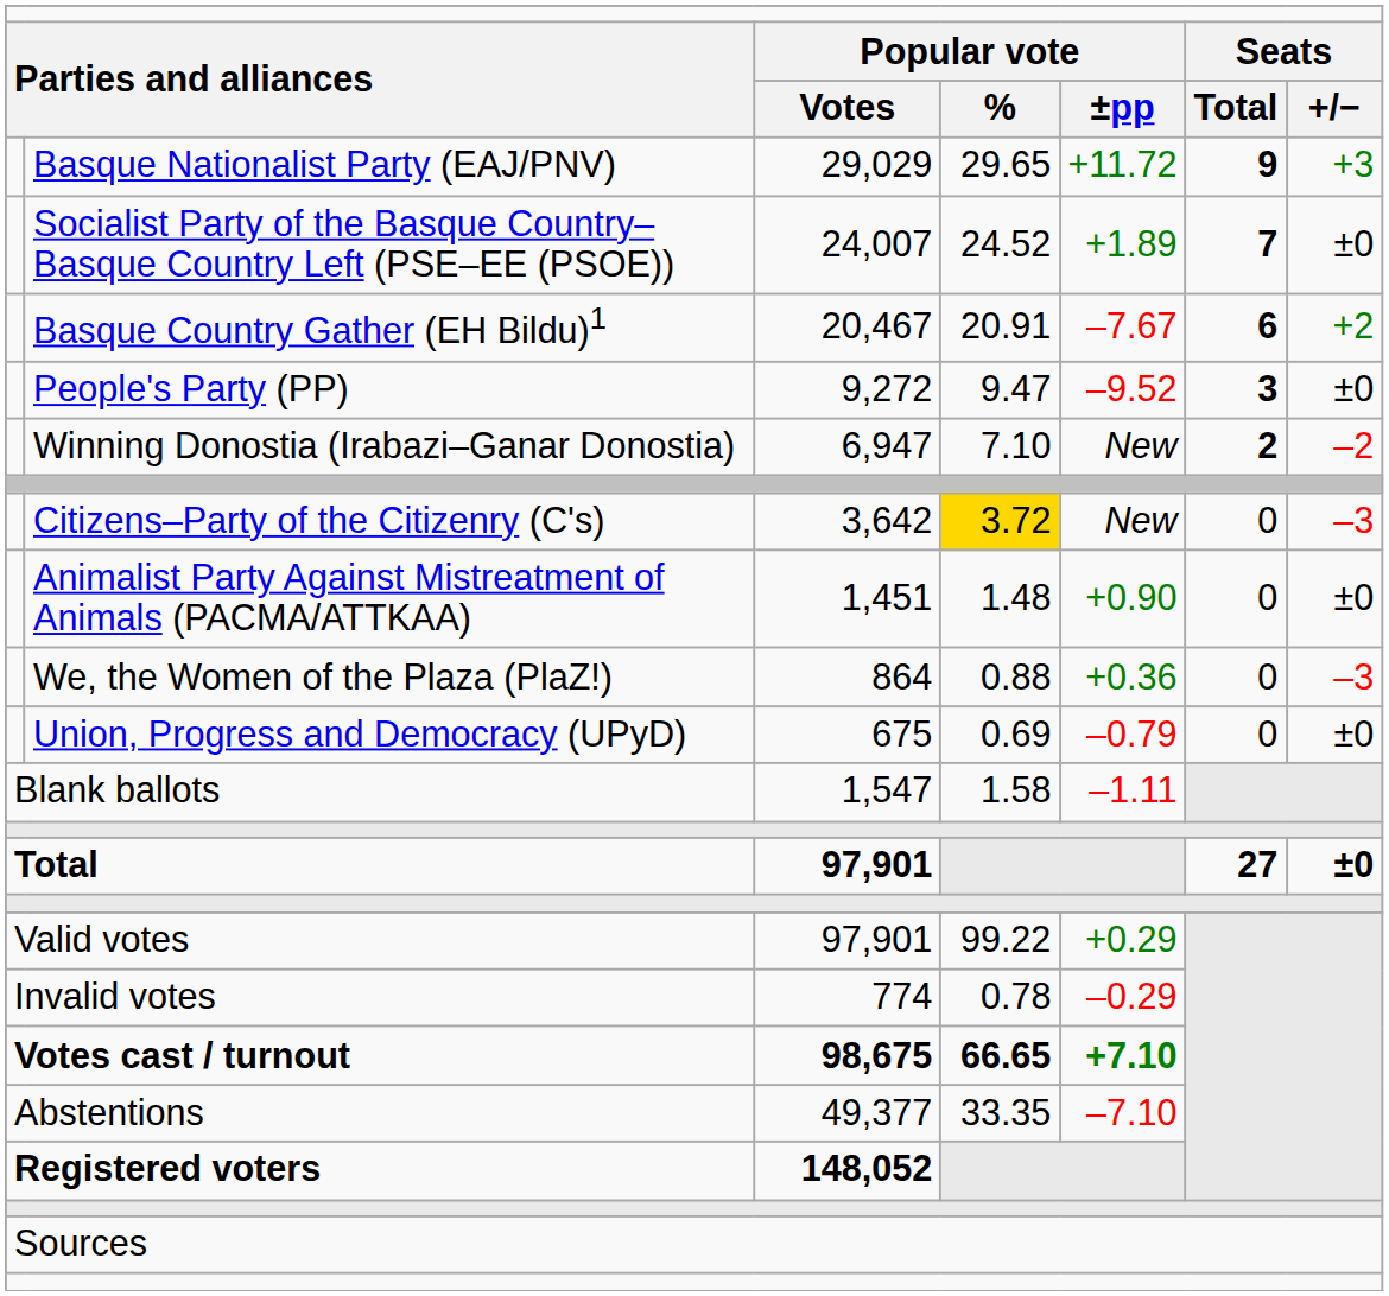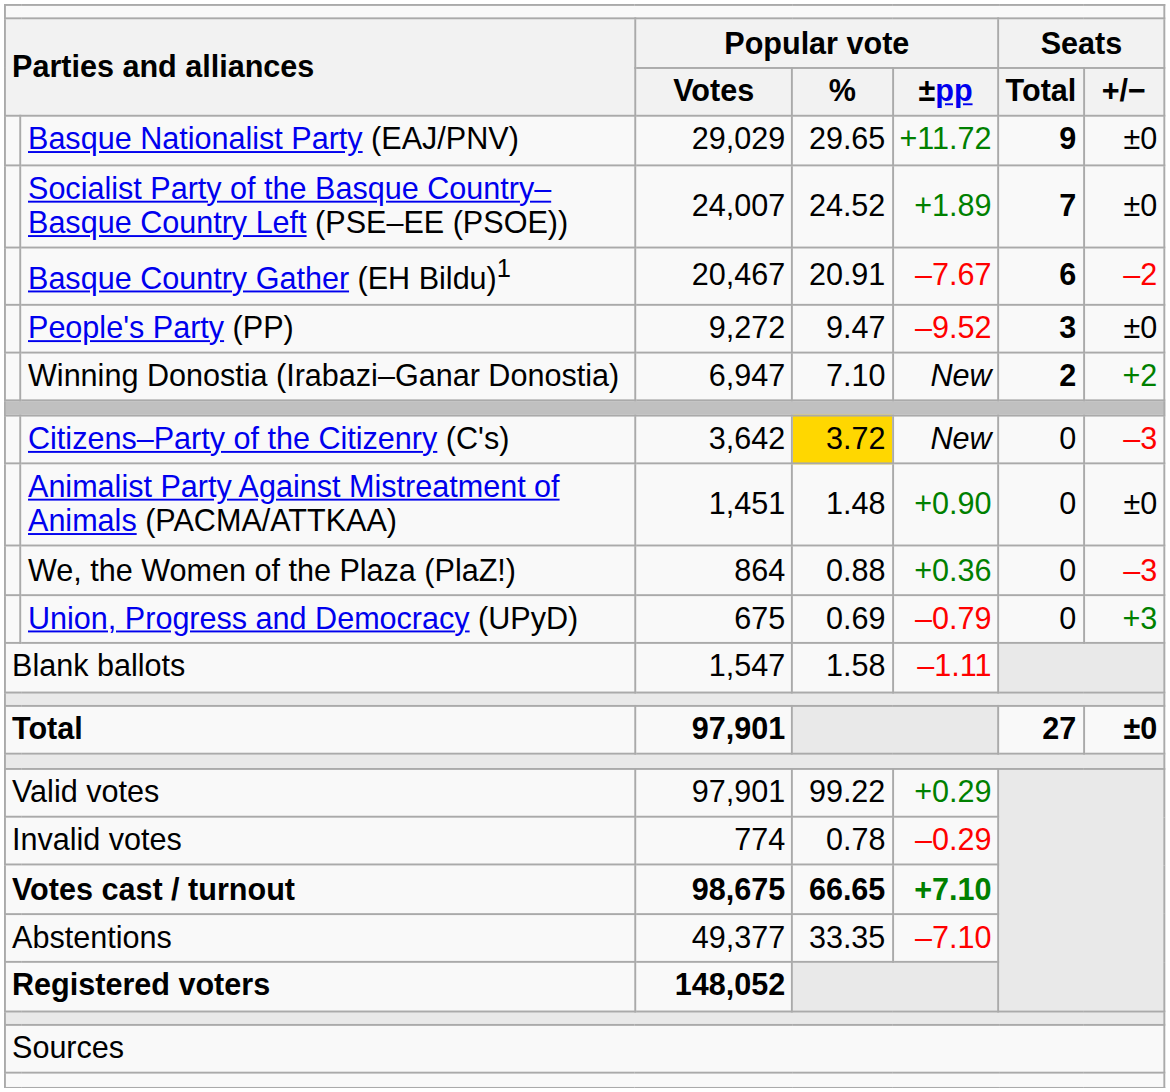 <table class="wikitable" style="text-align:right;">
 <tr>
 <td colspan="7"></td>
 </tr>
 <tr>
 <th style="text-align:left;" rowspan="2" colspan="2" width="525">Parties and alliances</th>
 <th colspan="3">Popular vote</th>
 <th colspan="2">Seats</th>
 </tr>
 <tr>
 <th width="75">Votes</th>
 <th width="45">%</th>
 <th width="45">±<a href='#'>pp</a></th>
 <th width="35">Total</th>
 <th width="35">+/−</th>
 </tr>
 <tr>
 <td width="1" style="color:inherit;background:"></td>
 <td align="left"><a href='#'>Basque Nationalist Party</a> (EAJ/PNV)</td>
 <td>29,029</td>
 <td>29.65</td>
 <td style="color:green;">+11.72</td>
 <td><strong>9</strong></td>
-<td style="color:green;">+3</td>
+<td>±0</td>
 </tr>
 <tr>
 <td style="color:inherit;background:"></td>
 <td align="left"><a href='#'>Socialist Party of the Basque Country–Basque Country Left</a> (PSE–EE (PSOE))</td>
 <td>24,007</td>
 <td>24.52</td>
 <td style="color:green;">+1.89</td>
 <td><strong>7</strong></td>
 <td>±0</td>
 </tr>
 <tr>
 <td style="color:inherit;background:"></td>
 <td align="left"><a href='#'>Basque Country Gather</a> (EH Bildu)<sup>1</sup></td>
 <td>20,467</td>
 <td>20.91</td>
 <td style="color:red;">–7.67</td>
 <td><strong>6</strong></td>
-<td style="color:green;">+2</td>
+<td style="color:red;">–2</td>
 </tr>
 <tr>
 <td style="color:inherit;background:"></td>
 <td align="left"><a href='#'>People's Party</a> (PP)</td>
 <td>9,272</td>
 <td>9.47</td>
 <td style="color:red;">–9.52</td>
 <td><strong>3</strong></td>
 <td>±0</td>
 </tr>
 <tr>
 <td style="color:inherit;background:"></td>
 <td align="left">Winning Donostia (Irabazi–Ganar Donostia)</td>
 <td>6,947</td>
 <td>7.10</td>
 <td><em>New</em></td>
 <td><strong>2</strong></td>
-<td style="color:red;">–2</td>
+<td style="color:green;">+2</td>
 </tr>
 <tr>
 <td colspan="7" bgcolor="#C0C0C0"></td>
 </tr>
 <tr>
 <td style="color:inherit;background:"></td>
 <td align="left"><a href='#'>Citizens–Party of the Citizenry</a> (C's)</td>
 <td>3,642</td>
 <td style="background: gold;">3.72</td>
 <td><em>New</em></td>
 <td>0</td>
 <td style="color:red;">–3</td>
 </tr>
 <tr>
 <td style="color:inherit;background:"></td>
 <td align="left"><a href='#'>Animalist Party Against Mistreatment of Animals</a> (PACMA/ATTKAA)</td>
 <td>1,451</td>
 <td>1.48</td>
 <td style="color:green;">+0.90</td>
 <td>0</td>
 <td>±0</td>
 </tr>
 <tr>
 <td style="color:inherit;background:"></td>
 <td align="left">We, the Women of the Plaza (PlaZ!)</td>
 <td>864</td>
 <td>0.88</td>
 <td style="color:green;">+0.36</td>
 <td>0</td>
 <td style="color:red;">–3</td>
 </tr>
 <tr>
 <td style="color:inherit;background:"></td>
 <td align="left"><a href='#'>Union, Progress and Democracy</a> (UPyD)</td>
 <td>675</td>
 <td>0.69</td>
 <td style="color:red;">–0.79</td>
 <td>0</td>
-<td>±0</td>
+<td style="color:green;">+3</td>
 </tr>
 <tr>
 <td align="left" colspan="2">Blank ballots</td>
 <td>1,547</td>
 <td>1.58</td>
 <td style="color:red;">–1.11</td>
 <td bgcolor="#E9E9E9" colspan="2"></td>
 </tr>
 <tr>
 <td colspan="7" bgcolor="#E9E9E9"></td>
 </tr>
 <tr style="font-weight:bold;">
 <td align="left" colspan="2">Total</td>
 <td>97,901</td>
 <td bgcolor="#E9E9E9" colspan="2"></td>
 <td>27</td>
 <td>±0</td>
 </tr>
 <tr>
 <td colspan="7" bgcolor="#E9E9E9"></td>
 </tr>
 <tr>
 <td align="left" colspan="2">Valid votes</td>
 <td>97,901</td>
 <td>99.22</td>
 <td style="color:green;">+0.29</td>
 <td bgcolor="#E9E9E9" colspan="2" rowspan="5"></td>
 </tr>
 <tr>
 <td align="left" colspan="2">Invalid votes</td>
 <td>774</td>
 <td>0.78</td>
 <td style="color:red;">–0.29</td>
 </tr>
 <tr style="font-weight:bold;">
 <td align="left" colspan="2">Votes cast / turnout</td>
 <td>98,675</td>
 <td>66.65</td>
 <td style="color:green;">+7.10</td>
 </tr>
 <tr>
 <td align="left" colspan="2">Abstentions</td>
 <td>49,377</td>
 <td>33.35</td>
 <td style="color:red;">–7.10</td>
 </tr>
 <tr style="font-weight:bold;">
 <td align="left" colspan="2">Registered voters</td>
 <td>148,052</td>
 <td bgcolor="#E9E9E9" colspan="2"></td>
 </tr>
 <tr>
 <td colspan="7" bgcolor="#E9E9E9"></td>
 </tr>
 <tr>
 <td align="left" colspan="7">Sources</td>
 </tr>
 <tr>
 <td colspan="7" style="text-align:left; max-width:790px;"></td>
 </tr>
 </table>
